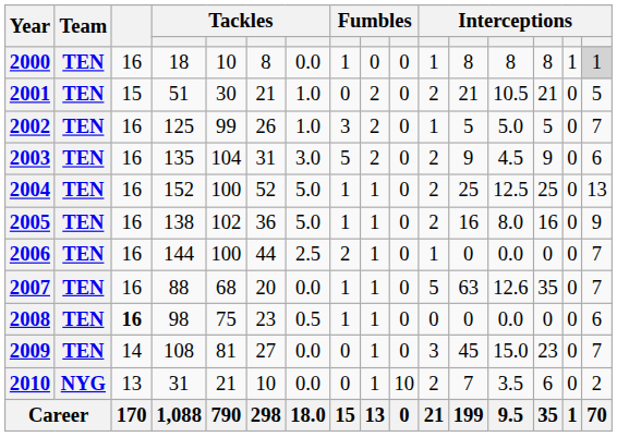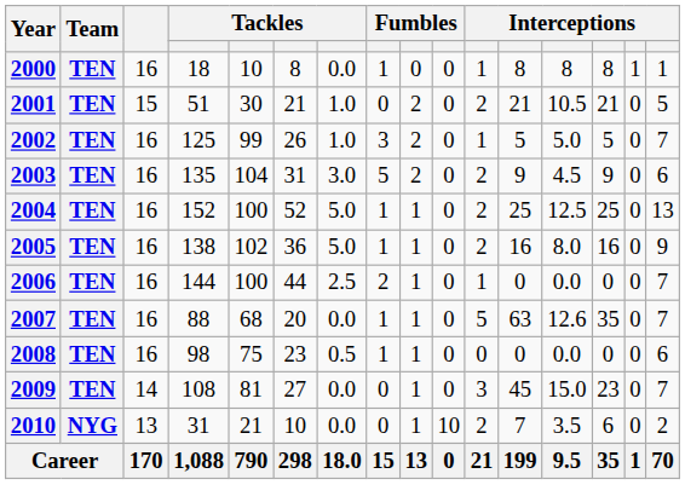 <table class="wikitable" style="text-align: center;">
 <tr>
 <th rowspan="2">Year</th>
 <th rowspan="2">Team</th>
 <th rowspan="2"></th>
 <th colspan="4">Tackles</th>
 <th colspan="3">Fumbles</th>
 <th colspan="6">Interceptions</th>
 </tr>
 <tr>
 <th></th>
 <th></th>
 <th></th>
 <th></th>
 <th></th>
 <th></th>
 <th></th>
 <th></th>
 <th></th>
 <th></th>
 <th></th>
 <th></th>
 <th></th>
 </tr>
 <tr>
 <th><a href='#'>2000</a></th>
 <th><a href='#'>TEN</a></th>
 <td>16</td>
 <td>18</td>
 <td>10</td>
 <td>8</td>
 <td>0.0</td>
 <td>1</td>
 <td>0</td>
 <td>0</td>
 <td>1</td>
 <td>8</td>
 <td>8</td>
 <td>8</td>
 <td>1</td>
-<td style="background: lightgrey;">1</td>
+<td>1</td>
 </tr>
 <tr>
 <th><a href='#'>2001</a></th>
 <th><a href='#'>TEN</a></th>
 <td>15</td>
 <td>51</td>
 <td>30</td>
 <td>21</td>
 <td>1.0</td>
 <td>0</td>
 <td>2</td>
 <td>0</td>
 <td>2</td>
 <td>21</td>
 <td>10.5</td>
 <td>21</td>
 <td>0</td>
 <td>5</td>
 </tr>
 <tr>
 <th><a href='#'>2002</a></th>
 <th><a href='#'>TEN</a></th>
 <td>16</td>
 <td>125</td>
 <td>99</td>
 <td>26</td>
 <td>1.0</td>
 <td>3</td>
 <td>2</td>
 <td>0</td>
 <td>1</td>
 <td>5</td>
 <td>5.0</td>
 <td>5</td>
 <td>0</td>
 <td>7</td>
 </tr>
 <tr>
 <th><a href='#'>2003</a></th>
 <th><a href='#'>TEN</a></th>
 <td>16</td>
 <td>135</td>
 <td>104</td>
 <td>31</td>
 <td>3.0</td>
 <td>5</td>
 <td>2</td>
 <td>0</td>
 <td>2</td>
 <td>9</td>
 <td>4.5</td>
 <td>9</td>
 <td>0</td>
 <td>6</td>
 </tr>
 <tr>
 <th><a href='#'>2004</a></th>
 <th><a href='#'>TEN</a></th>
 <td>16</td>
 <td>152</td>
 <td>100</td>
 <td>52</td>
 <td>5.0</td>
 <td>1</td>
 <td>1</td>
 <td>0</td>
 <td>2</td>
 <td>25</td>
 <td>12.5</td>
 <td>25</td>
 <td>0</td>
 <td>13</td>
 </tr>
 <tr>
 <th><a href='#'>2005</a></th>
 <th><a href='#'>TEN</a></th>
 <td>16</td>
 <td>138</td>
 <td>102</td>
 <td>36</td>
 <td>5.0</td>
 <td>1</td>
 <td>1</td>
 <td>0</td>
 <td>2</td>
 <td>16</td>
 <td>8.0</td>
 <td>16</td>
 <td>0</td>
 <td>9</td>
 </tr>
 <tr>
 <th><a href='#'>2006</a></th>
 <th><a href='#'>TEN</a></th>
 <td>16</td>
 <td>144</td>
 <td>100</td>
 <td>44</td>
 <td>2.5</td>
 <td>2</td>
 <td>1</td>
 <td>0</td>
 <td>1</td>
 <td>0</td>
 <td>0.0</td>
 <td>0</td>
 <td>0</td>
 <td>7</td>
 </tr>
 <tr>
 <th><a href='#'>2007</a></th>
 <th><a href='#'>TEN</a></th>
 <td>16</td>
 <td>88</td>
 <td>68</td>
 <td>20</td>
 <td>0.0</td>
 <td>1</td>
 <td>1</td>
 <td>0</td>
 <td>5</td>
 <td>63</td>
 <td>12.6</td>
 <td>35</td>
 <td>0</td>
 <td>7</td>
 </tr>
 <tr>
 <th><a href='#'>2008</a></th>
 <th><a href='#'>TEN</a></th>
-<td><strong>16</strong></td>
+<td>16</td>
 <td>98</td>
 <td>75</td>
 <td>23</td>
 <td>0.5</td>
 <td>1</td>
 <td>1</td>
 <td>0</td>
 <td>0</td>
 <td>0</td>
 <td>0.0</td>
 <td>0</td>
 <td>0</td>
 <td>6</td>
 </tr>
 <tr>
 <th><a href='#'>2009</a></th>
 <th><a href='#'>TEN</a></th>
 <td>14</td>
 <td>108</td>
 <td>81</td>
 <td>27</td>
 <td>0.0</td>
 <td>0</td>
 <td>1</td>
 <td>0</td>
 <td>3</td>
 <td>45</td>
 <td>15.0</td>
 <td>23</td>
 <td>0</td>
 <td>7</td>
 </tr>
 <tr>
 <th><a href='#'>2010</a></th>
 <th><a href='#'>NYG</a></th>
 <td>13</td>
 <td>31</td>
 <td>21</td>
 <td>10</td>
 <td>0.0</td>
 <td>0</td>
 <td>1</td>
 <td>10</td>
 <td>2</td>
 <td>7</td>
 <td>3.5</td>
 <td>6</td>
 <td>0</td>
 <td>2</td>
 </tr>
 <tr>
 <th colspan="2">Career</th>
 <th>170</th>
 <th>1,088</th>
 <th>790</th>
 <th>298</th>
 <th>18.0</th>
 <th>15</th>
 <th>13</th>
 <th>0</th>
 <th>21</th>
 <th>199</th>
 <th>9.5</th>
 <th>35</th>
 <th>1</th>
 <th>70</th>
 </tr>
 </table>
